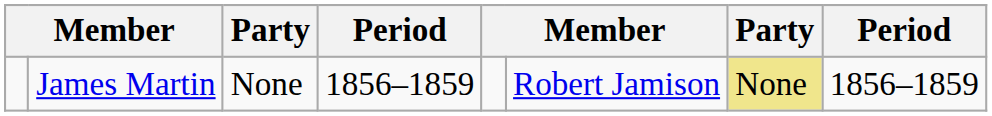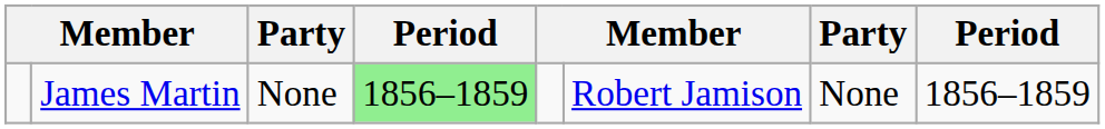 <table class="wikitable">
 <tr>
 <th colspan="2">Member</th>
 <th>Party</th>
 <th>Period</th>
 <th colspan="2">Member</th>
 <th>Party</th>
 <th>Period</th>
 </tr>
 <tr>
 <td> </td>
 <td><a href='#'>James Martin</a></td>
 <td>None</td>
-<td>1856–1859</td>
+<td style="background: lightgreen;">1856–1859</td>
 <td> </td>
 <td><a href='#'>Robert Jamison</a></td>
-<td style="background: khaki;">None</td>
+<td>None</td>
 <td>1856–1859</td>
 </tr>
 </table>
